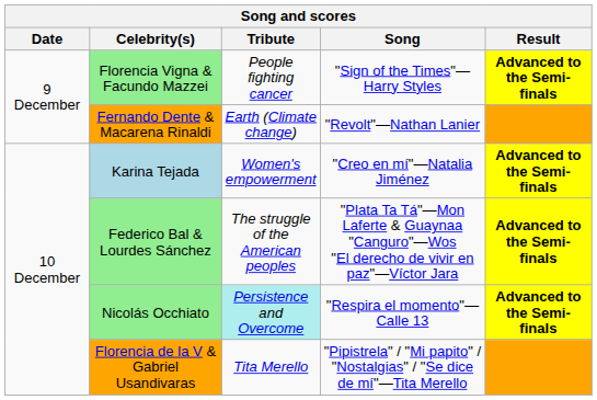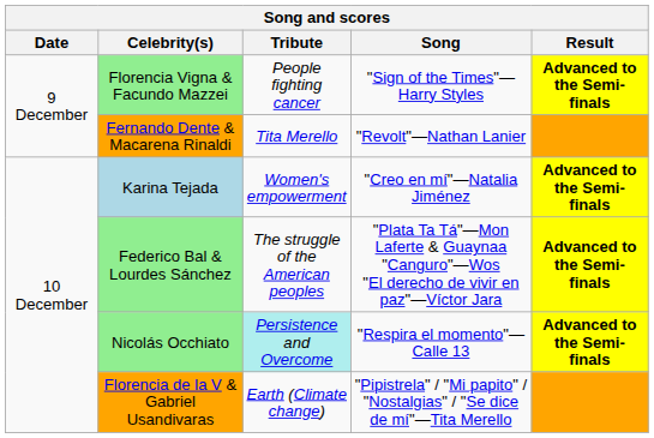 <table class="wikitable collapsible collapsed" style="font-size:95%; text-align: center; width: 100%;">
 <tr>
 <th colspan="11" style="with: 100%;" align=center>Song and scores</th>
 </tr>
 <tr>
 <th width=110>Date</th>
 <th width=240>Celebrity(s)</th>
 <th width=100>Tribute</th>
 <th width=350>Song</th>
 <th width=180>Result</th>
 </tr>
 <tr>
 <td rowspan="2">9 December</td>
 <td bgcolor="lightgreen">Florencia Vigna & Facundo Mazzei</td>
 <td><em>People fighting <a href='#'>cancer</a></em></td>
 <td>"<a href='#'>Sign of the Times</a>"—<a href='#'>Harry Styles</a></td>
 <td bgcolor="yellow"><strong>Advanced to the Semi-finals</strong></td>
 </tr>
 <tr>
 <td bgcolor="orange"><a href='#'>Fernando Dente</a> & Macarena Rinaldi</td>
-<td><em><a href='#'>Earth</a> (<a href='#'>Climate change</a>)</em></td>
+<td><em><a href='#'>Tita Merello</a></em></td>
 <td>"<a href='#'>Revolt</a>"—<a href='#'>Nathan Lanier</a></td>
 <td bgcolor="orange"></td>
 </tr>
 <tr>
 <td rowspan="4">10 December</td>
 <td bgcolor="lightblue">Karina Tejada</td>
 <td><em><a href='#'>Women's empowerment</a></em></td>
 <td>"<a href='#'>Creo en mí</a>"—<a href='#'>Natalia Jiménez</a></td>
 <td bgcolor="yellow"><strong>Advanced to the Semi-finals</strong></td>
 </tr>
 <tr>
 <td bgcolor="lightgreen">Federico Bal & Lourdes Sánchez</td>
 <td><em>The struggle of the <a href='#'>American peoples</a></em></td>
 <td>"<a href='#'>Plata Ta Tá</a>"—<a href='#'>Mon Laferte</a> & <a href='#'>Guaynaa</a><br>"<a href='#'>Canguro</a>"—<a href='#'>Wos</a><br>"<a href='#'>El derecho de vivir en paz</a>"—<a href='#'>Víctor Jara</a></td>
 <td bgcolor="yellow"><strong>Advanced to the Semi-finals</strong></td>
 </tr>
 <tr>
 <td bgcolor="lightgreen">Nicolás Occhiato</td>
 <td style="background: paleturquoise;"><em><a href='#'>Persistence</a> and <a href='#'>Overcome</a></em></td>
 <td>"<a href='#'>Respira el momento</a>"—<a href='#'>Calle 13</a></td>
 <td bgcolor="yellow"><strong>Advanced to the Semi-finals</strong></td>
 </tr>
 <tr>
 <td bgcolor="orange"><a href='#'>Florencia de la V</a> & Gabriel Usandivaras</td>
-<td><em><a href='#'>Tita Merello</a></em></td>
+<td><em><a href='#'>Earth</a> (<a href='#'>Climate change</a>)</em></td>
 <td>"<a href='#'>Pipistrela</a>" / "<a href='#'>Mi papito</a>" / "<a href='#'>Nostalgias</a>" / "<a href='#'>Se dice de mí</a>"—<a href='#'>Tita Merello</a></td>
 <td bgcolor="orange"></td>
 </tr>
 </table>
